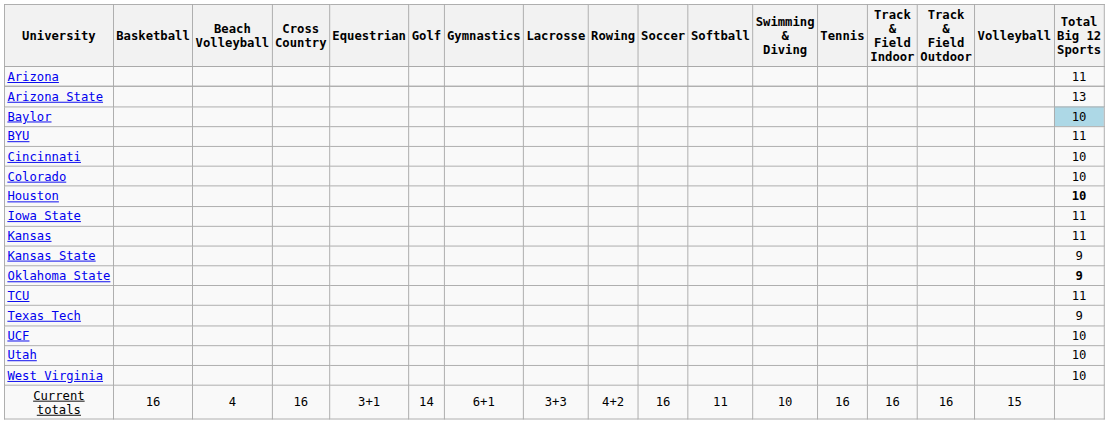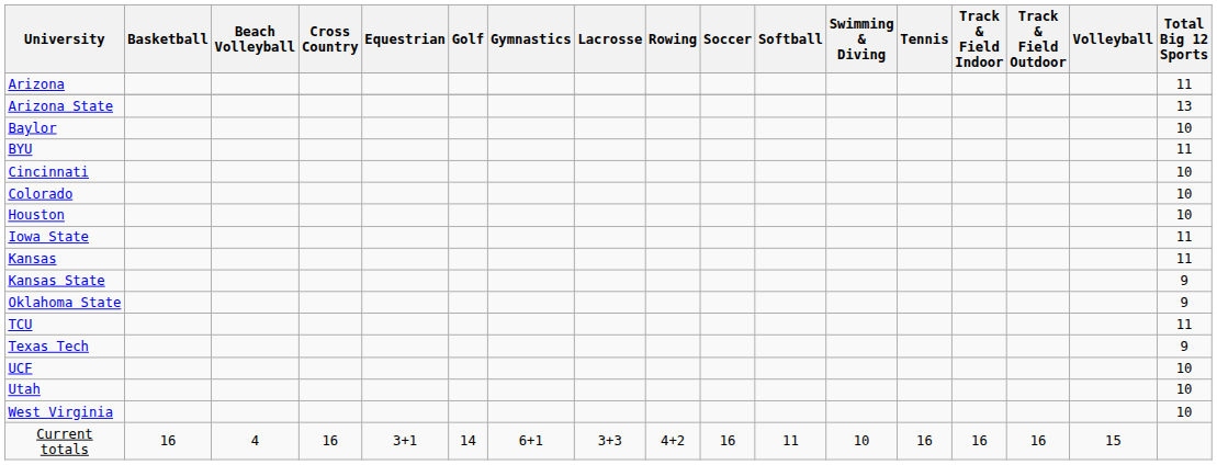 <table class="wikitable sortable" style="text-align: center">
 <tr>
 <th>University</th>
 <th>Basketball</th>
 <th>Beach<br>Volleyball</th>
 <th>Cross<br>Country</th>
 <th>Equestrian</th>
 <th>Golf</th>
 <th>Gymnastics</th>
 <th>Lacrosse</th>
 <th>Rowing</th>
 <th>Soccer</th>
 <th>Softball</th>
 <th>Swimming<br>&<br>Diving</th>
 <th>Tennis</th>
 <th>Track<br>&<br>Field<br>Indoor</th>
 <th>Track<br>&<br>Field<br>Outdoor</th>
 <th>Volleyball</th>
 <th>Total<br>Big 12<br>Sports</th>
 </tr>
 <tr>
 </tr>
 <tr>
 <td align=left><a href='#'>Arizona</a></td>
 <td></td>
 <td></td>
 <td></td>
 <td></td>
 <td></td>
 <td></td>
 <td></td>
 <td></td>
 <td></td>
 <td></td>
 <td></td>
 <td></td>
 <td></td>
 <td></td>
 <td></td>
 <td>11</td>
 </tr>
 <tr>
 </tr>
 <tr>
 <td align=left><a href='#'>Arizona State</a></td>
 <td></td>
 <td></td>
 <td></td>
 <td></td>
 <td></td>
 <td></td>
 <td></td>
 <td></td>
 <td></td>
 <td></td>
 <td></td>
 <td></td>
 <td></td>
 <td></td>
 <td></td>
 <td>13</td>
 </tr>
 <tr>
 <td align=left><a href='#'>Baylor</a></td>
 <td></td>
 <td></td>
 <td></td>
 <td></td>
 <td></td>
 <td></td>
 <td></td>
 <td></td>
 <td></td>
 <td></td>
 <td></td>
 <td></td>
 <td></td>
 <td></td>
 <td></td>
-<td style="background: lightblue;">10</td>
+<td>10</td>
 </tr>
 <tr>
 <td align=left><a href='#'>BYU</a></td>
 <td></td>
 <td></td>
 <td></td>
 <td></td>
 <td></td>
 <td></td>
 <td></td>
 <td></td>
 <td></td>
 <td></td>
 <td></td>
 <td></td>
 <td></td>
 <td></td>
 <td></td>
 <td>11</td>
 </tr>
 <tr>
 <td align=left><a href='#'>Cincinnati</a></td>
 <td></td>
 <td></td>
 <td></td>
 <td></td>
 <td></td>
 <td></td>
 <td></td>
 <td></td>
 <td></td>
 <td></td>
 <td></td>
 <td></td>
 <td></td>
 <td></td>
 <td></td>
 <td>10</td>
 </tr>
 <tr>
 <td align=left><a href='#'>Colorado</a></td>
 <td></td>
 <td></td>
 <td></td>
 <td></td>
 <td></td>
 <td></td>
 <td></td>
 <td></td>
 <td></td>
 <td></td>
 <td></td>
 <td></td>
 <td></td>
 <td></td>
 <td></td>
 <td>10</td>
 </tr>
 <tr>
 <td align=left><a href='#'>Houston</a></td>
 <td></td>
 <td></td>
 <td></td>
 <td></td>
 <td></td>
 <td></td>
 <td></td>
 <td></td>
 <td></td>
 <td></td>
 <td></td>
 <td></td>
 <td></td>
 <td></td>
 <td></td>
-<td><strong>10</strong></td>
+<td>10</td>
 </tr>
 <tr>
 <td align=left><a href='#'>Iowa State</a></td>
 <td></td>
 <td></td>
 <td></td>
 <td></td>
 <td></td>
 <td></td>
 <td></td>
 <td></td>
 <td></td>
 <td></td>
 <td></td>
 <td></td>
 <td></td>
 <td></td>
 <td></td>
 <td>11</td>
 </tr>
 <tr>
 <td align=left><a href='#'>Kansas</a></td>
 <td></td>
 <td></td>
 <td></td>
 <td></td>
 <td></td>
 <td></td>
 <td></td>
 <td></td>
 <td></td>
 <td></td>
 <td></td>
 <td></td>
 <td></td>
 <td></td>
 <td></td>
 <td>11</td>
 </tr>
 <tr>
 <td align=left><a href='#'>Kansas State</a></td>
 <td></td>
 <td></td>
 <td></td>
 <td></td>
 <td></td>
 <td></td>
 <td></td>
 <td></td>
 <td></td>
 <td></td>
 <td></td>
 <td></td>
 <td></td>
 <td></td>
 <td></td>
 <td>9</td>
 </tr>
 <tr>
 <td align=left><a href='#'>Oklahoma State</a></td>
 <td></td>
 <td></td>
 <td></td>
 <td></td>
 <td></td>
 <td></td>
 <td></td>
 <td></td>
 <td></td>
 <td></td>
 <td></td>
 <td></td>
 <td></td>
 <td></td>
 <td></td>
-<td><strong>9</strong></td>
+<td>9</td>
 </tr>
 <tr>
 <td align=left><a href='#'>TCU</a></td>
 <td></td>
 <td></td>
 <td></td>
 <td></td>
 <td></td>
 <td></td>
 <td></td>
 <td></td>
 <td></td>
 <td></td>
 <td></td>
 <td></td>
 <td></td>
 <td></td>
 <td></td>
 <td>11</td>
 </tr>
 <tr>
 <td align=left><a href='#'>Texas Tech</a></td>
 <td></td>
 <td></td>
 <td></td>
 <td></td>
 <td></td>
 <td></td>
 <td></td>
 <td></td>
 <td></td>
 <td></td>
 <td></td>
 <td></td>
 <td></td>
 <td></td>
 <td></td>
 <td>9</td>
 </tr>
 <tr>
 <td align=left><a href='#'>UCF</a></td>
 <td></td>
 <td></td>
 <td></td>
 <td></td>
 <td></td>
 <td></td>
 <td></td>
 <td></td>
 <td></td>
 <td></td>
 <td></td>
 <td></td>
 <td></td>
 <td></td>
 <td></td>
 <td>10</td>
 </tr>
 <tr>
 <td align=left><a href='#'>Utah</a></td>
 <td></td>
 <td></td>
 <td></td>
 <td></td>
 <td></td>
 <td></td>
 <td></td>
 <td></td>
 <td></td>
 <td></td>
 <td></td>
 <td></td>
 <td></td>
 <td></td>
 <td></td>
 <td>10</td>
 </tr>
 <tr>
 <td align=left><a href='#'>West Virginia</a></td>
 <td></td>
 <td></td>
 <td></td>
 <td></td>
 <td></td>
 <td></td>
 <td></td>
 <td></td>
 <td></td>
 <td></td>
 <td></td>
 <td></td>
 <td></td>
 <td></td>
 <td></td>
 <td>10</td>
 </tr>
 <tr class=sortbottom>
 <td><u>Current<br>totals</u></td>
 <td>16</td>
 <td>4</td>
 <td>16</td>
 <td>3+1</td>
 <td>14</td>
 <td>6+1</td>
 <td>3+3</td>
 <td>4+2</td>
 <td>16</td>
 <td>11</td>
 <td>10</td>
 <td>16</td>
 <td>16</td>
 <td>16</td>
 <td>15</td>
 <td></td>
 </tr>
 </table>
